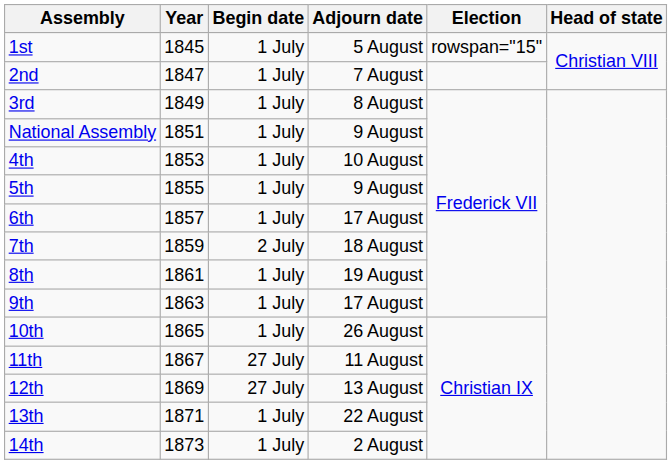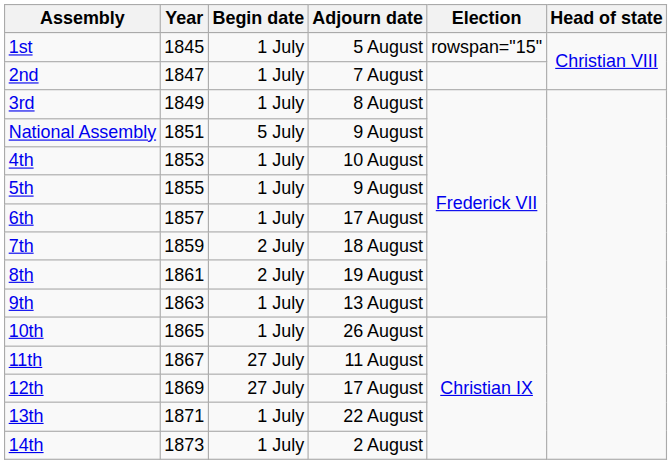 <table class="wikitable" style="text-align: right;">
 <tr>
 <th>Assembly</th>
 <th>Year</th>
 <th>Begin date</th>
 <th>Adjourn date</th>
 <th>Election</th>
 <th>Head of state</th>
 </tr>
 <tr>
 <td style="text-align: left;"><a href='#'>1st</a></td>
 <td>1845</td>
 <td>1 July</td>
 <td>5 August</td>
 <td>rowspan="15" </td>
 <td rowspan="2" style="text-align: center;"><a href='#'>Christian VIII</a></td>
 </tr>
 <tr>
 <td style="text-align: left;"><a href='#'>2nd</a></td>
 <td>1847</td>
 <td>1 July</td>
 <td>7 August</td>
 </tr>
 <tr>
 <td style="text-align: left;"><a href='#'>3rd</a></td>
 <td>1849</td>
 <td>1 July</td>
 <td>8 August</td>
 <td rowspan="8" style="text-align: center;"><a href='#'>Frederick VII</a></td>
 </tr>
 <tr>
 <td style="text-align: left;"><a href='#'>National Assembly</a></td>
 <td>1851</td>
-<td>1 July</td>
+<td>5 July</td>
 <td>9 August</td>
 </tr>
 <tr>
 <td style="text-align: left;"><a href='#'>4th</a></td>
 <td>1853</td>
 <td>1 July</td>
 <td>10 August</td>
 </tr>
 <tr>
 <td style="text-align: left;"><a href='#'>5th</a></td>
 <td>1855</td>
 <td>1 July</td>
 <td>9 August</td>
 </tr>
 <tr>
 <td style="text-align: left;"><a href='#'>6th</a></td>
 <td>1857</td>
 <td>1 July</td>
 <td>17 August</td>
 </tr>
 <tr>
 <td style="text-align: left;"><a href='#'>7th</a></td>
 <td>1859</td>
 <td>2 July</td>
 <td>18 August</td>
 </tr>
 <tr>
 <td style="text-align: left;"><a href='#'>8th</a></td>
 <td>1861</td>
-<td>1 July</td>
+<td>2 July</td>
 <td>19 August</td>
 </tr>
 <tr>
 <td style="text-align: left;"><a href='#'>9th</a></td>
 <td>1863</td>
 <td>1 July</td>
-<td>17 August</td>
+<td>13 August</td>
 </tr>
 <tr>
 <td style="text-align: left;"><a href='#'>10th</a></td>
 <td>1865</td>
 <td>1 July</td>
 <td>26 August</td>
 <td rowspan="5" style="text-align: center;"><a href='#'>Christian IX</a></td>
 </tr>
 <tr>
 <td style="text-align: left;"><a href='#'>11th</a></td>
 <td>1867</td>
 <td>27 July</td>
 <td>11 August</td>
 </tr>
 <tr>
 <td style="text-align: left;"><a href='#'>12th</a></td>
 <td>1869</td>
 <td>27 July</td>
-<td>13 August</td>
+<td>17 August</td>
 </tr>
 <tr>
 <td style="text-align: left;"><a href='#'>13th</a></td>
 <td>1871</td>
 <td>1 July</td>
 <td>22 August</td>
 </tr>
 <tr>
 <td style="text-align: left;"><a href='#'>14th</a></td>
 <td>1873</td>
 <td>1 July</td>
 <td>2 August</td>
 </tr>
 </table>
